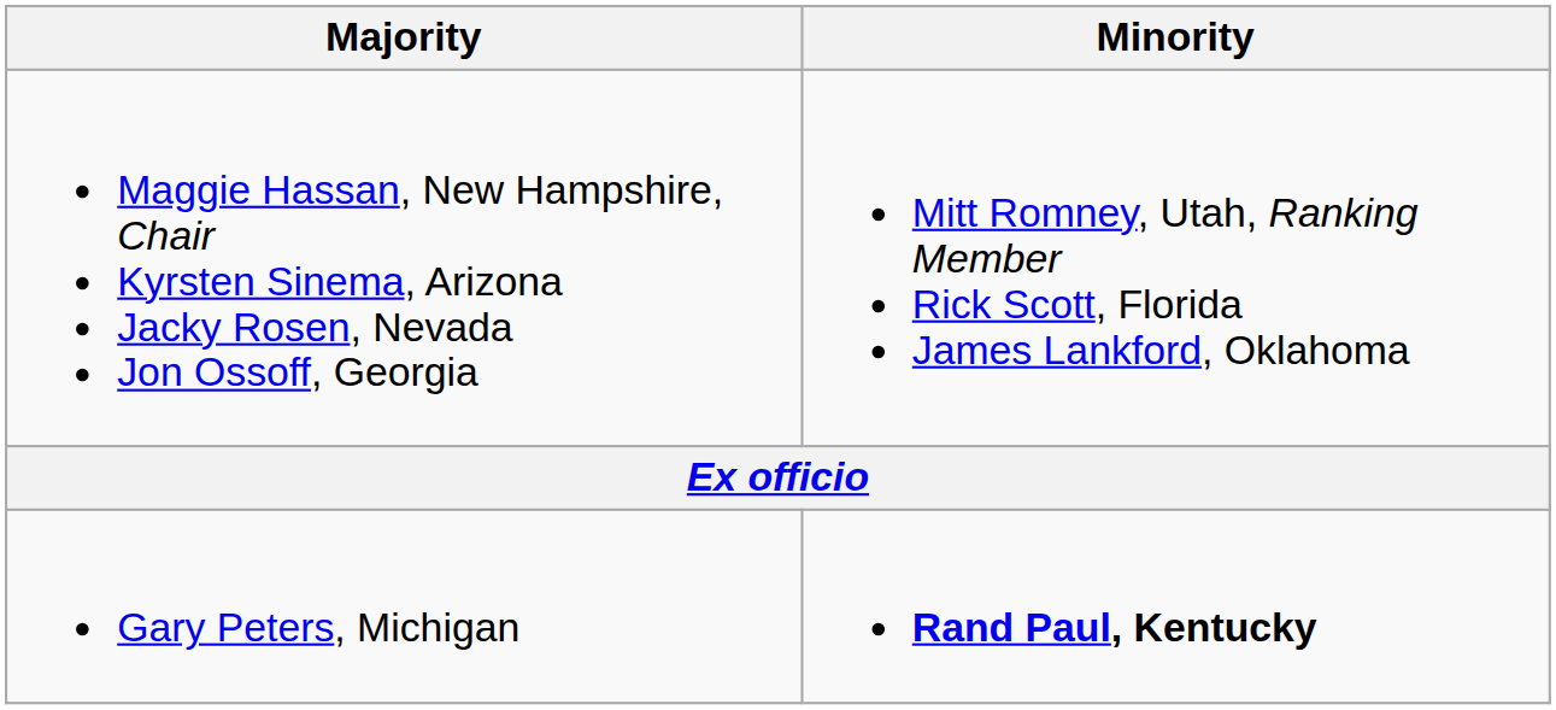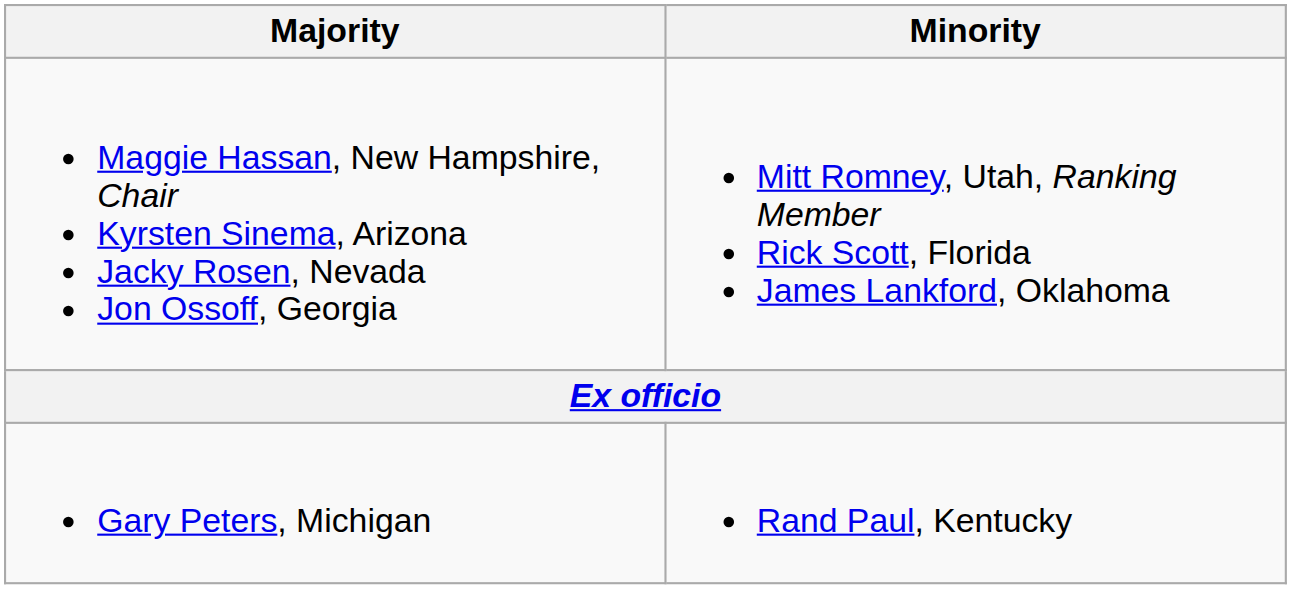 <table class=wikitable>
 <tr>
 <th>Majority</th>
 <th>Minority</th>
 </tr>
 <tr>
 <td><br><ul><li><a href='#'>Maggie Hassan</a>, New Hampshire, <em>Chair</em></li><li><span><a href='#'>Kyrsten Sinema</a>, Arizona</span></li><li><a href='#'>Jacky Rosen</a>, Nevada</li><li><a href='#'>Jon Ossoff</a>, Georgia</li></ul></td>
 <td><br><ul><li><a href='#'>Mitt Romney</a>, Utah, <em>Ranking Member</em></li><li><a href='#'>Rick Scott</a>, Florida</li><li><a href='#'>James Lankford</a>, Oklahoma</li></ul></td>
 </tr>
 <tr>
 <th colspan=2><em><a href='#'>Ex officio</a></em></th>
 </tr>
 <tr>
 <td><br><ul><li><a href='#'>Gary Peters</a>, Michigan</li></ul></td>
-<td><strong><br><ul><li><a href='#'>Rand Paul</a>, Kentucky</li></ul></strong></td>
+<td><br><ul><li><a href='#'>Rand Paul</a>, Kentucky</li></ul></td>
 </tr>
 </table>
